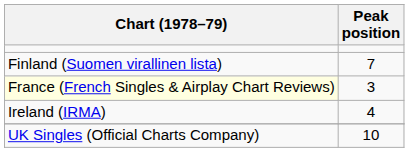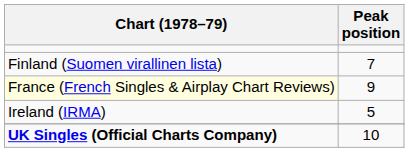 <table class="wikitable sortable">
 <tr>
 <th>Chart (1978–79)</th>
 <th>Peak<br>position</th>
 </tr>
 <tr>
 <td></td>
 </tr>
 <tr>
 <td>Finland (<a href='#'>Suomen virallinen lista</a>)</td>
 <td style="text-align:center;">7</td>
 </tr>
 <tr>
 <td style="background: lightyellow;">France (<a href='#'>French</a> Singles & Airplay Chart Reviews)</td>
-<td style="text-align:center;">3</td>
+<td style="text-align:center;">9</td>
 </tr>
 <tr>
 <td>Ireland (<a href='#'>IRMA</a>)</td>
-<td style="text-align:center;">4</td>
+<td style="text-align:center;">5</td>
 </tr>
 <tr>
 </tr>
 <tr>
 </tr>
 <tr>
-<td><a href='#'>UK Singles</a> (Official Charts Company)</td>
+<td><strong><a href='#'>UK Singles</a> (Official Charts Company)</strong></td>
 <td align="center">10</td>
 </tr>
 </table>
